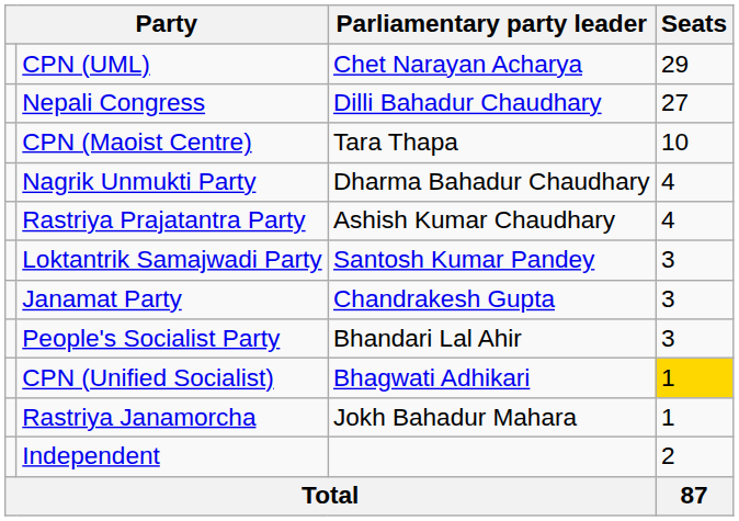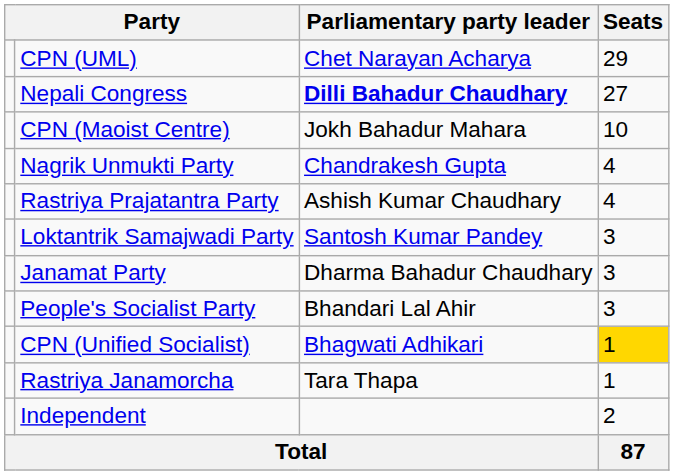 <table class="wikitable">
 <tr>
 <th colspan="2">Party</th>
 <th>Parliamentary party leader</th>
 <th>Seats</th>
 </tr>
 <tr>
 <td></td>
 <td><a href='#'>CPN (UML)</a></td>
 <td><a href='#'>Chet Narayan Acharya</a></td>
 <td>29</td>
 </tr>
 <tr>
 <td></td>
 <td><a href='#'>Nepali Congress</a></td>
-<td><a href='#'>Dilli Bahadur Chaudhary</a></td>
+<td><strong><a href='#'>Dilli Bahadur Chaudhary</a></strong></td>
 <td>27</td>
 </tr>
 <tr>
 <td></td>
 <td><a href='#'>CPN (Maoist Centre)</a></td>
-<td>Tara Thapa</td>
+<td>Jokh Bahadur Mahara</td>
 <td>10</td>
 </tr>
 <tr>
 <td></td>
 <td><a href='#'>Nagrik Unmukti Party</a></td>
-<td>Dharma Bahadur Chaudhary</td>
+<td><a href='#'>Chandrakesh Gupta</a></td>
 <td>4</td>
 </tr>
 <tr>
 <td></td>
 <td><a href='#'>Rastriya Prajatantra Party</a></td>
 <td>Ashish Kumar Chaudhary</td>
 <td>4</td>
 </tr>
 <tr>
 <td></td>
 <td><a href='#'>Loktantrik Samajwadi Party</a></td>
 <td><a href='#'>Santosh Kumar Pandey</a></td>
 <td>3</td>
 </tr>
 <tr>
 <td></td>
 <td><a href='#'>Janamat Party</a></td>
-<td><a href='#'>Chandrakesh Gupta</a></td>
+<td>Dharma Bahadur Chaudhary</td>
 <td>3</td>
 </tr>
 <tr>
 <td></td>
 <td><a href='#'>People's Socialist Party</a></td>
 <td>Bhandari Lal Ahir</td>
 <td>3</td>
 </tr>
 <tr>
 <td></td>
 <td><a href='#'>CPN (Unified Socialist)</a></td>
 <td><a href='#'>Bhagwati Adhikari</a></td>
 <td style="background: gold;">1</td>
 </tr>
 <tr>
 <td></td>
 <td><a href='#'>Rastriya Janamorcha</a></td>
-<td>Jokh Bahadur Mahara</td>
+<td>Tara Thapa</td>
 <td>1</td>
 </tr>
 <tr>
 <td></td>
 <td><a href='#'>Independent</a></td>
 <td></td>
 <td>2</td>
 </tr>
 <tr>
 <th colspan="3">Total</th>
 <th>87</th>
 </tr>
 </table>
